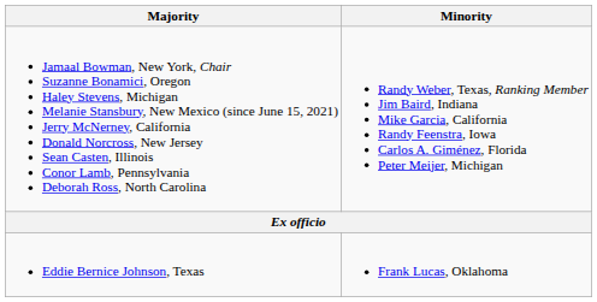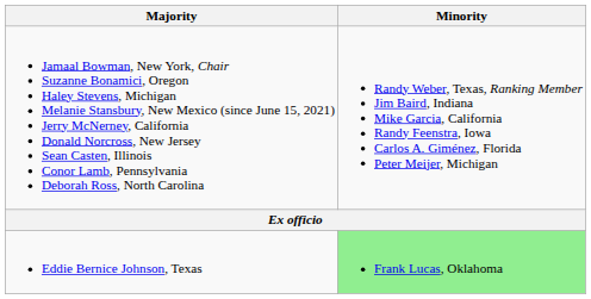 <table class=wikitable>
 <tr>
 <th>Majority</th>
 <th>Minority</th>
 </tr>
 <tr>
 <td><br><ul><li><a href='#'>Jamaal Bowman</a>, New York, <em>Chair</em></li><li><a href='#'>Suzanne Bonamici</a>, Oregon</li><li><a href='#'>Haley Stevens</a>, Michigan</li><li><a href='#'>Melanie Stansbury</a>, New Mexico (since June 15, 2021)</li><li><a href='#'>Jerry McNerney</a>, California</li><li><a href='#'>Donald Norcross</a>, New Jersey</li><li><a href='#'>Sean Casten</a>, Illinois</li><li><a href='#'>Conor Lamb</a>, Pennsylvania</li><li><a href='#'>Deborah Ross</a>, North Carolina</li></ul></td>
 <td><br><ul><li><a href='#'>Randy Weber</a>, Texas, <em>Ranking Member</em></li><li><a href='#'>Jim Baird</a>, Indiana</li><li><a href='#'>Mike Garcia</a>, California</li><li><a href='#'>Randy Feenstra</a>, Iowa</li><li><a href='#'>Carlos A. Giménez</a>, Florida</li><li><a href='#'>Peter Meijer</a>, Michigan</li></ul></td>
 </tr>
 <tr>
 <th colspan=2><em>Ex officio</em></th>
 </tr>
 <tr>
 <td><br><ul><li><a href='#'>Eddie Bernice Johnson</a>, Texas</li></ul></td>
-<td><br><ul><li><a href='#'>Frank Lucas</a>, Oklahoma</li></ul></td>
+<td style="background: lightgreen;"><br><ul><li><a href='#'>Frank Lucas</a>, Oklahoma</li></ul></td>
 </tr>
 </table>
